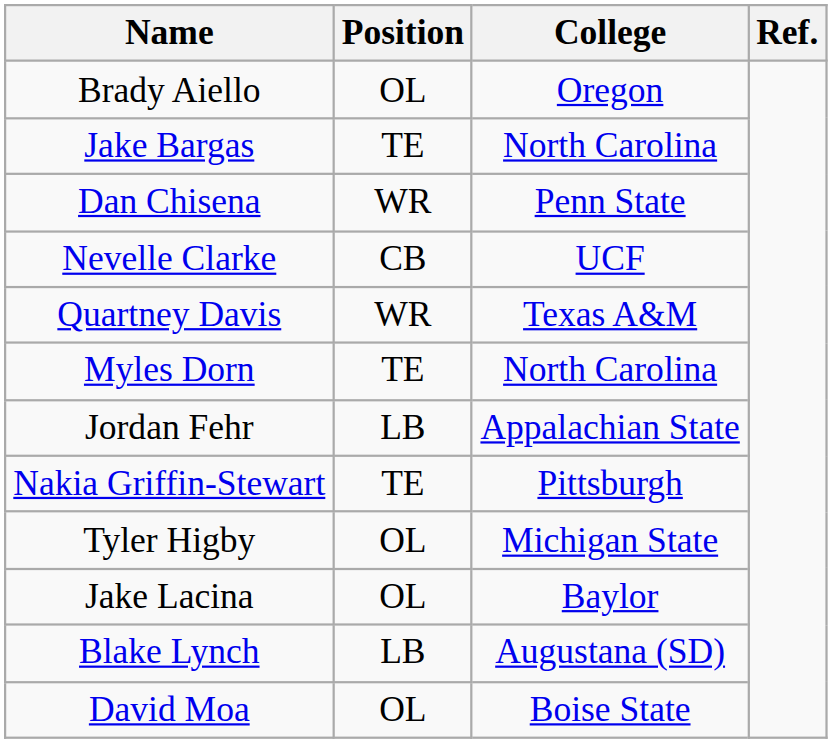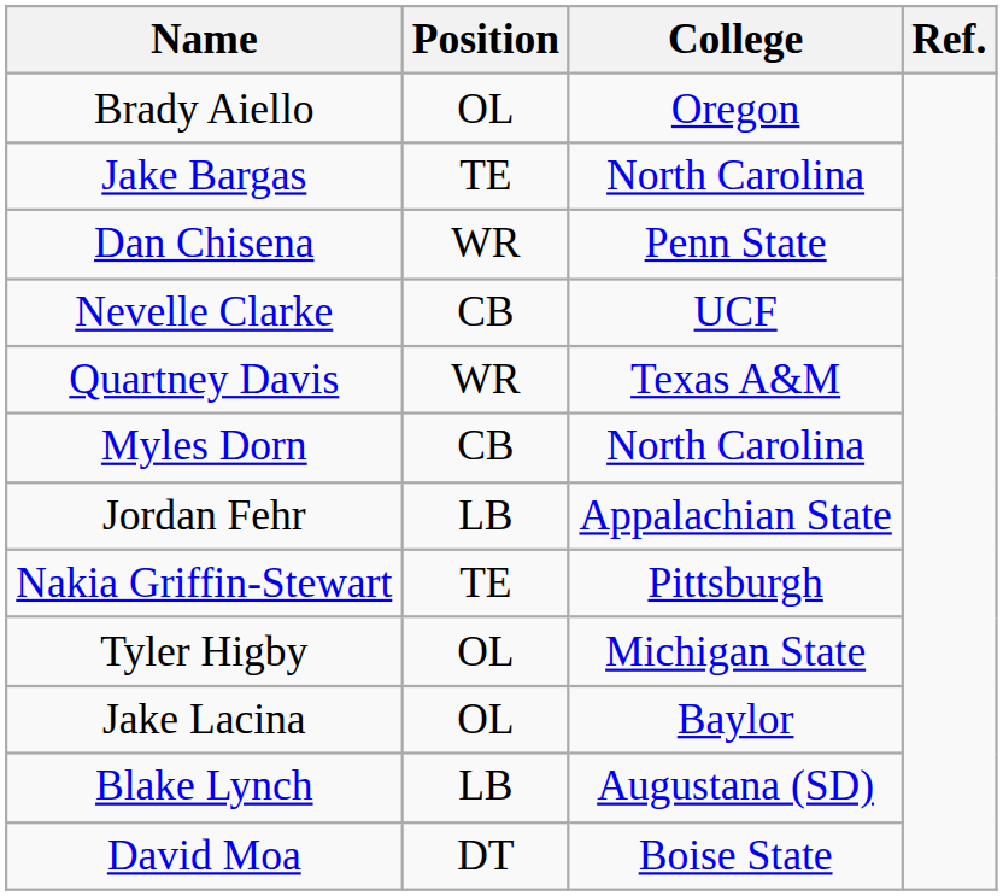 <table class="wikitable" style="text-align:center">
 <tr>
 <th>Name</th>
 <th>Position</th>
 <th>College</th>
 <th>Ref.</th>
 </tr>
 <tr>
 <td>Brady Aiello</td>
 <td>OL</td>
 <td><a href='#'>Oregon</a></td>
 <td rowspan="12"></td>
 </tr>
 <tr>
 <td><a href='#'>Jake Bargas</a></td>
 <td>TE</td>
 <td><a href='#'>North Carolina</a></td>
 </tr>
 <tr>
 <td><a href='#'>Dan Chisena</a></td>
 <td>WR</td>
 <td><a href='#'>Penn State</a></td>
 </tr>
 <tr>
 <td><a href='#'>Nevelle Clarke</a></td>
 <td>CB</td>
 <td><a href='#'>UCF</a></td>
 </tr>
 <tr>
 <td><a href='#'>Quartney Davis</a></td>
 <td>WR</td>
 <td><a href='#'>Texas A&M</a></td>
 </tr>
 <tr>
 <td><a href='#'>Myles Dorn</a></td>
-<td>TE</td>
+<td>CB</td>
 <td><a href='#'>North Carolina</a></td>
 </tr>
 <tr>
 <td>Jordan Fehr</td>
 <td>LB</td>
 <td><a href='#'>Appalachian State</a></td>
 </tr>
 <tr>
 <td><a href='#'>Nakia Griffin-Stewart</a></td>
 <td>TE</td>
 <td><a href='#'>Pittsburgh</a></td>
 </tr>
 <tr>
 <td>Tyler Higby</td>
 <td>OL</td>
 <td><a href='#'>Michigan State</a></td>
 </tr>
 <tr>
 <td>Jake Lacina</td>
 <td>OL</td>
 <td><a href='#'>Baylor</a></td>
 </tr>
 <tr>
 <td><a href='#'>Blake Lynch</a></td>
 <td>LB</td>
 <td><a href='#'>Augustana (SD)</a></td>
 </tr>
 <tr>
 <td><a href='#'>David Moa</a></td>
-<td>OL</td>
+<td>DT</td>
 <td><a href='#'>Boise State</a></td>
 </tr>
 </table>
